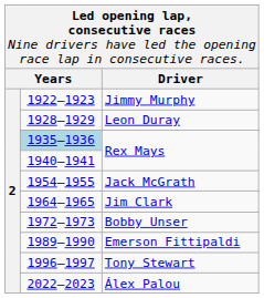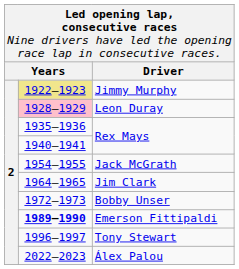 <table class="wikitable">
 <tr>
 <td style="background:#F2F2F2;" align="center" colspan="3"><strong>Led opening lap,<br>consecutive races</strong><br><em>Nine drivers have led the opening<br>race lap in consecutive races.</em></td>
 </tr>
 <tr>
 <td style="background:#F2F2F2;" align="center" colspan="2"><strong>Years</strong></td>
 <td style="background:#F2F2F2;" align="center"><strong>Driver</strong></td>
 </tr>
 <tr>
 <td style="background:#F2F2F2;" align="center" rowspan="10"><strong>2</strong></td>
-<td align="center"><a href='#'>1922</a>—<a href='#'>1923</a></td>
+<td align="center" style="background: khaki;"><a href='#'>1922</a>—<a href='#'>1923</a></td>
 <td> <a href='#'>Jimmy Murphy</a></td>
 </tr>
 <tr>
-<td align="center"><a href='#'>1928</a>—<a href='#'>1929</a></td>
+<td align="center" style="background: pink;"><a href='#'>1928</a>—<a href='#'>1929</a></td>
 <td> <a href='#'>Leon Duray</a></td>
 </tr>
 <tr>
-<td align="center" style="background: lightblue;"><a href='#'>1935</a>—<a href='#'>1936</a></td>
+<td align="center"><a href='#'>1935</a>—<a href='#'>1936</a></td>
 <td rowspan="2"> <a href='#'>Rex Mays</a></td>
 </tr>
 <tr>
 <td align="center"><a href='#'>1940</a>—<a href='#'>1941</a></td>
 </tr>
 <tr>
 <td align="center"><a href='#'>1954</a>—<a href='#'>1955</a></td>
 <td> <a href='#'>Jack McGrath</a></td>
 </tr>
 <tr>
 <td align="center"><a href='#'>1964</a>—<a href='#'>1965</a></td>
 <td> <a href='#'>Jim Clark</a></td>
 </tr>
 <tr>
 <td align="center"><a href='#'>1972</a>—<a href='#'>1973</a></td>
 <td> <a href='#'>Bobby Unser</a></td>
 </tr>
 <tr>
-<td align="center"><a href='#'>1989</a>—<a href='#'>1990</a></td>
+<td align="center"><strong><a href='#'>1989</a>—<a href='#'>1990</a></strong></td>
 <td> <a href='#'>Emerson Fittipaldi</a></td>
 </tr>
 <tr>
 <td align="center"><a href='#'>1996</a>—<a href='#'>1997</a></td>
 <td> <a href='#'>Tony Stewart</a></td>
 </tr>
 <tr>
 <td align=center><a href='#'>2022</a>—<a href='#'>2023</a></td>
 <td> <a href='#'>Álex Palou</a></td>
 </tr>
 </table>
